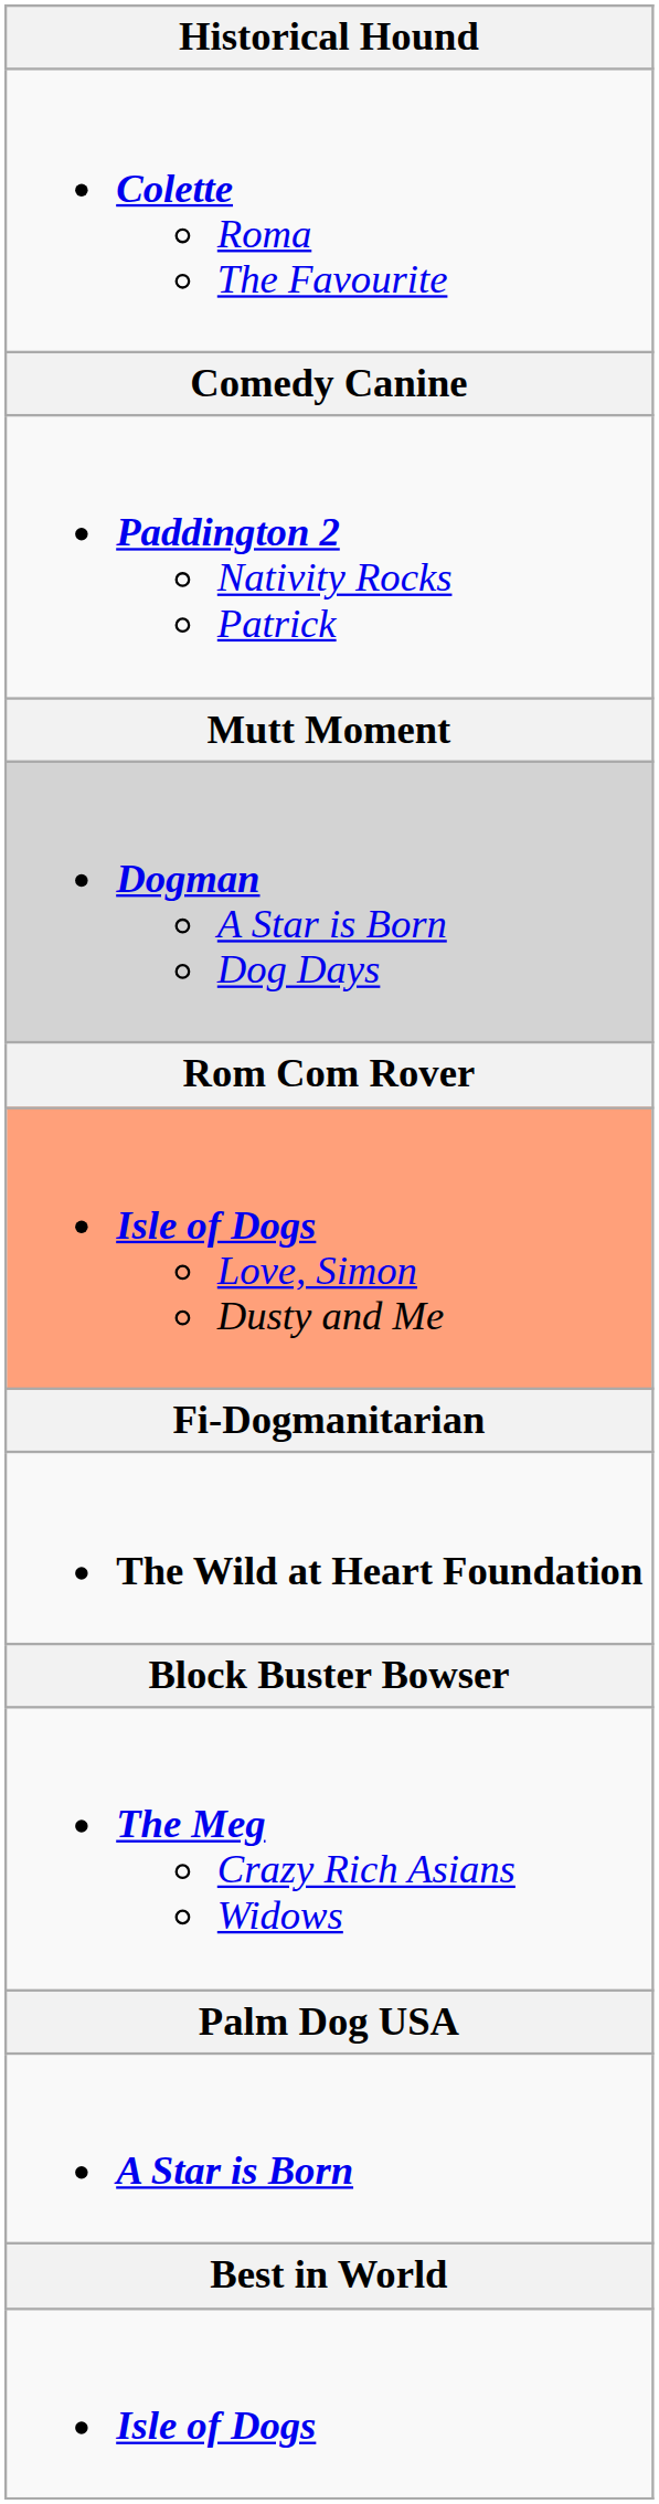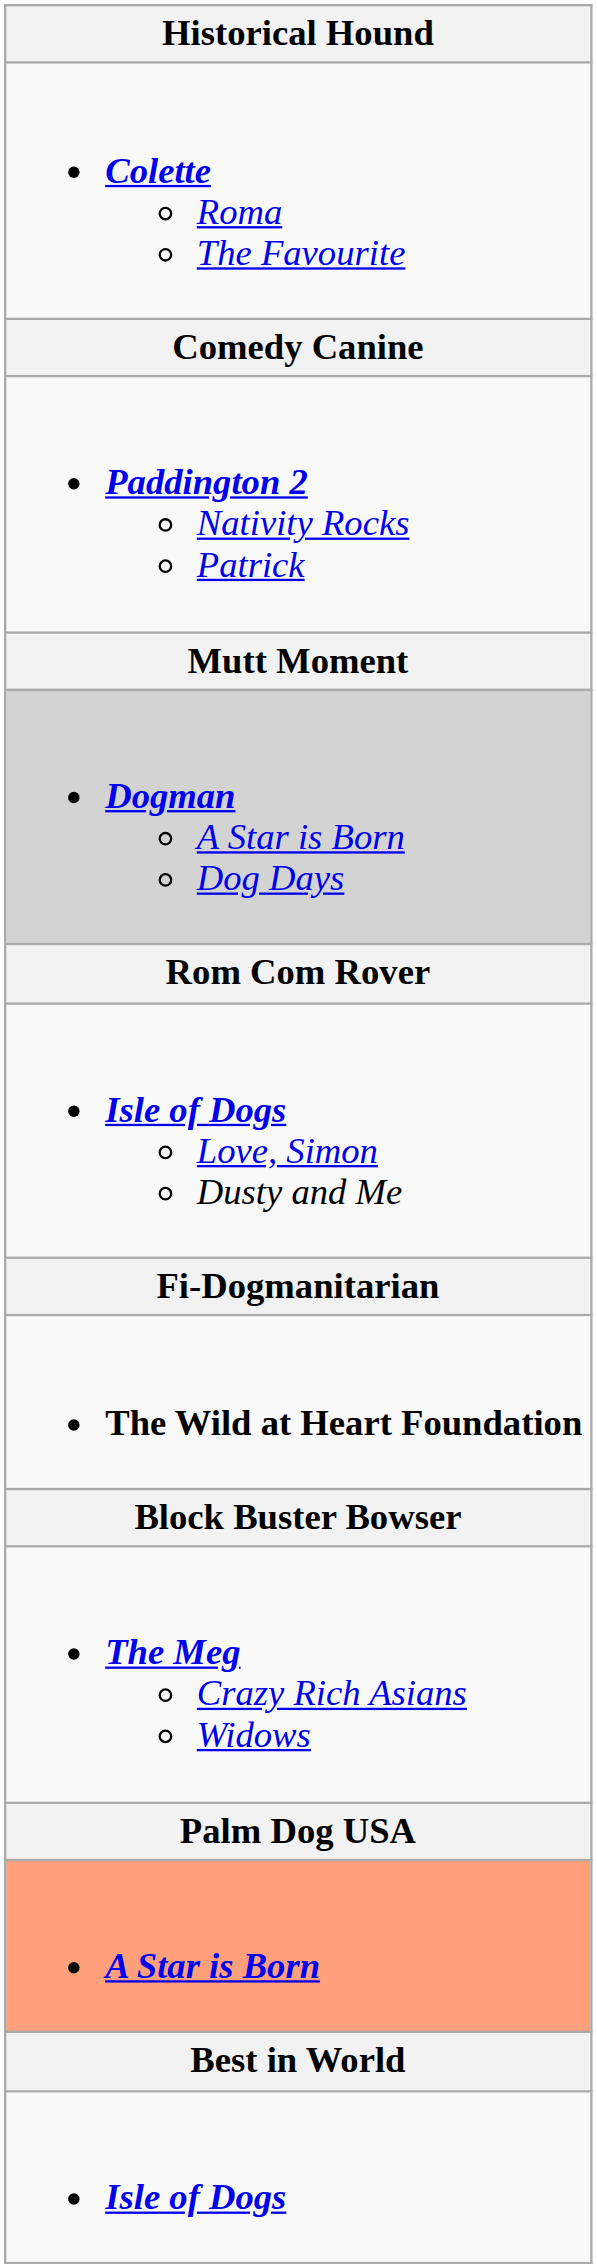 <table class="wikitable">
 <tr>
 <th><strong>Historical Hound</strong></th>
 </tr>
 <tr>
 <td><br><ul><li><strong><a href='#'><em>Colette</em></a></strong><ul><li><a href='#'><em>Roma</em></a></li><li><em><a href='#'>The Favourite</a></em></li></ul></li></ul></td>
 </tr>
 <tr>
 <th>Comedy Canine</th>
 </tr>
 <tr>
 <td><br><ul><li><strong><em><a href='#'>Paddington 2</a></em></strong><ul><li><a href='#'><em>Nativity Rocks</em></a></li><li><a href='#'><em>Patrick</em></a></li></ul></li></ul></td>
 </tr>
 <tr>
 <th>Mutt Moment</th>
 </tr>
 <tr>
 <td style="background: lightgrey;"><br><ul><li><strong><a href='#'><em>Dogman</em></a></strong><ul><li><a href='#'><em>A Star is Born</em></a></li><li><a href='#'><em>Dog Days</em></a></li></ul></li></ul></td>
 </tr>
 <tr>
 <th>Rom Com Rover</th>
 </tr>
 <tr>
-<td style="background: lightsalmon;"><br><ul><li><strong><a href='#'><em>Isle of Dogs</em></a></strong><ul><li><em><a href='#'>Love, Simon</a></em></li><li><em>Dusty and Me</em></li></ul></li></ul></td>
+<td><br><ul><li><strong><a href='#'><em>Isle of Dogs</em></a></strong><ul><li><em><a href='#'>Love, Simon</a></em></li><li><em>Dusty and Me</em></li></ul></li></ul></td>
 </tr>
 <tr>
 <th>Fi-Dogmanitarian</th>
 </tr>
 <tr>
 <td><br><ul><li><strong>The Wild at Heart Foundation</strong></li></ul></td>
 </tr>
 <tr>
 <th>Block Buster Bowser</th>
 </tr>
 <tr>
 <td><br><ul><li><strong><em><a href='#'>The Meg</a></em></strong><ul><li><a href='#'><em>Crazy Rich Asians</em></a></li><li><a href='#'><em>Widows</em></a></li></ul></li></ul></td>
 </tr>
 <tr>
 <th>Palm Dog USA</th>
 </tr>
 <tr>
-<td><br><ul><li><strong><a href='#'><em>A Star is Born</em></a></strong></li></ul></td>
+<td style="background: lightsalmon;"><br><ul><li><strong><a href='#'><em>A Star is Born</em></a></strong></li></ul></td>
 </tr>
 <tr>
 <th>Best in World</th>
 </tr>
 <tr>
 <td><br><ul><li><strong><a href='#'><em>Isle of Dogs</em></a></strong></li></ul></td>
 </tr>
 </table>
